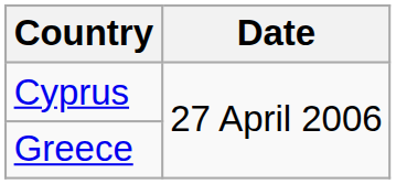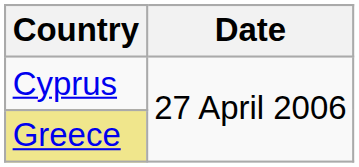 <table class="wikitable">
 <tr>
 <th>Country</th>
 <th>Date</th>
 </tr>
 <tr>
 <td><a href='#'>Cyprus</a></td>
 <td rowspan="2">27 April 2006</td>
 </tr>
 <tr>
-<td><a href='#'>Greece</a></td>
+<td style="background: khaki;"><a href='#'>Greece</a></td>
 </tr>
 </table>
